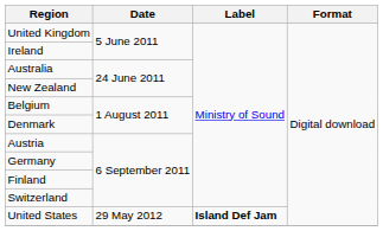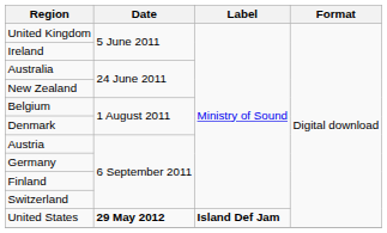 <table class=wikitable>
 <tr>
 <th>Region</th>
 <th>Date</th>
 <th>Label</th>
 <th>Format</th>
 </tr>
 <tr>
 <td>United Kingdom</td>
 <td rowspan = "2">5 June 2011</td>
 <td rowspan = "10"><a href='#'>Ministry of Sound</a></td>
 <td rowspan = "11">Digital download</td>
 </tr>
 <tr>
 <td>Ireland</td>
 </tr>
 <tr>
 <td>Australia</td>
 <td rowspan = "2">24 June 2011</td>
 </tr>
 <tr>
 <td>New Zealand</td>
 </tr>
 <tr>
 <td>Belgium</td>
 <td rowspan = "2">1 August 2011</td>
 </tr>
 <tr>
 <td>Denmark</td>
 </tr>
 <tr>
 <td>Austria</td>
 <td rowspan = "4">6 September 2011</td>
 </tr>
 <tr>
 <td>Germany</td>
 </tr>
 <tr>
 <td>Finland</td>
 </tr>
 <tr>
 <td>Switzerland</td>
 </tr>
 <tr>
 <td>United States</td>
-<td>29 May 2012</td>
+<td><strong>29 May 2012</strong></td>
 <td><strong>Island Def Jam</strong></td>
 </tr>
 <tr>
 </tr>
 </table>
